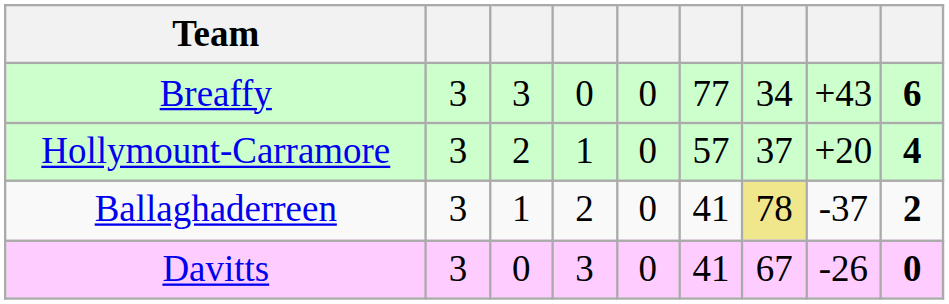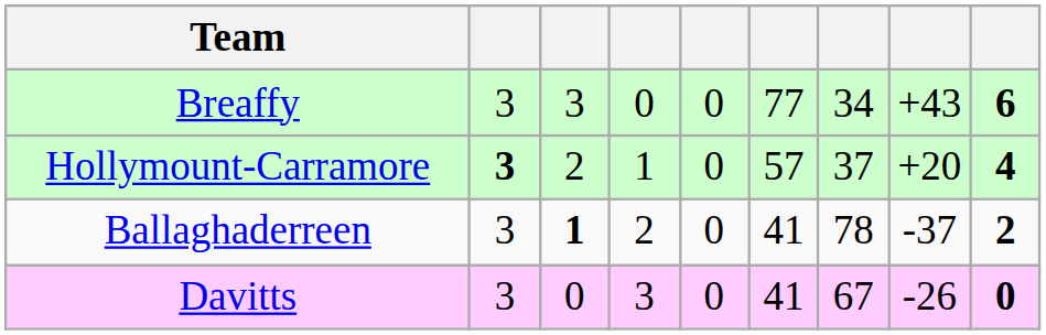 <table class="wikitable" style="text-align:center">
 <tr>
 <th style="width:175px;">Team</th>
 <th width="20"></th>
 <th width="20"></th>
 <th width="20"></th>
 <th width="20"></th>
 <th width="20"></th>
 <th width="20"></th>
 <th width="20"></th>
 <th width="20"></th>
 </tr>
 <tr style="background:#cfc;">
 <td><a href='#'>Breaffy</a></td>
 <td>3</td>
 <td>3</td>
 <td>0</td>
 <td>0</td>
 <td>77</td>
 <td>34</td>
 <td>+43</td>
 <td><strong>6</strong></td>
 </tr>
 <tr style="background:#cfc;">
 <td><a href='#'>Hollymount-Carramore</a></td>
-<td>3</td>
+<td><strong>3</strong></td>
 <td>2</td>
 <td>1</td>
 <td>0</td>
 <td>57</td>
 <td>37</td>
 <td>+20</td>
 <td><strong>4</strong></td>
 </tr>
 <tr>
 <td><a href='#'>Ballaghaderreen</a></td>
 <td>3</td>
-<td>1</td>
+<td><strong>1</strong></td>
 <td>2</td>
 <td>0</td>
 <td>41</td>
-<td style="background: khaki;">78</td>
+<td>78</td>
 <td>-37</td>
 <td><strong>2</strong></td>
 </tr>
 <tr style="background:#fcf;">
 <td><a href='#'>Davitts</a></td>
 <td>3</td>
 <td>0</td>
 <td>3</td>
 <td>0</td>
 <td>41</td>
 <td>67</td>
 <td>-26</td>
 <td><strong>0</strong></td>
 </tr>
 </table>
